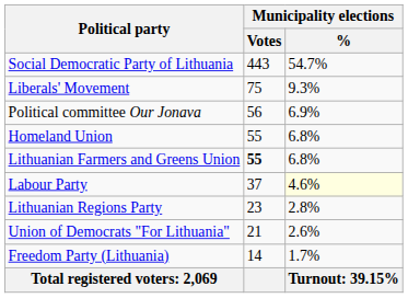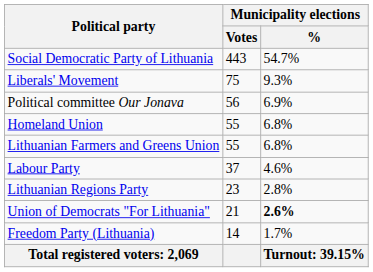 <table class="wikitable">
 <tr>
 <th rowspan="2">Political party</th>
 <th colspan="2">Municipality elections</th>
 </tr>
 <tr>
 <th>Votes </th>
 <th>%</th>
 </tr>
 <tr>
 <td><a href='#'>Social Democratic Party of Lithuania</a></td>
 <td>443</td>
 <td>54.7%</td>
 </tr>
 <tr>
 <td><a href='#'>Liberals' Movement</a></td>
 <td>75</td>
 <td>9.3%</td>
 </tr>
 <tr>
 <td>Political committee <em>Our Jonava</em></td>
 <td>56</td>
 <td>6.9%</td>
 </tr>
 <tr>
 <td><a href='#'>Homeland Union</a></td>
 <td>55</td>
 <td>6.8%</td>
 </tr>
 <tr>
 <td><a href='#'>Lithuanian Farmers and Greens Union</a></td>
-<td><strong>55</strong></td>
+<td>55</td>
 <td>6.8%</td>
 </tr>
 <tr>
 <td><a href='#'>Labour Party</a></td>
 <td>37</td>
-<td style="background: lightyellow;">4.6%</td>
+<td>4.6%</td>
 </tr>
 <tr>
 <td><a href='#'>Lithuanian Regions Party</a></td>
 <td>23</td>
 <td>2.8%</td>
 </tr>
 <tr>
 <td><a href='#'>Union of Democrats "For Lithuania"</a></td>
 <td>21</td>
-<td>2.6%</td>
+<td><strong>2.6%</strong></td>
 </tr>
 <tr>
 <td><a href='#'>Freedom Party (Lithuania)</a></td>
 <td>14</td>
 <td>1.7%</td>
 </tr>
 <tr>
 <th>Total registered voters: 2,069</th>
 <th></th>
 <th>Turnout: 39.15%</th>
 </tr>
 </table>
